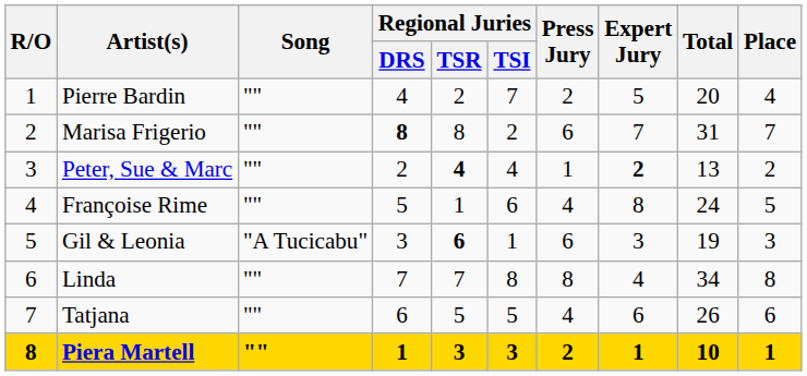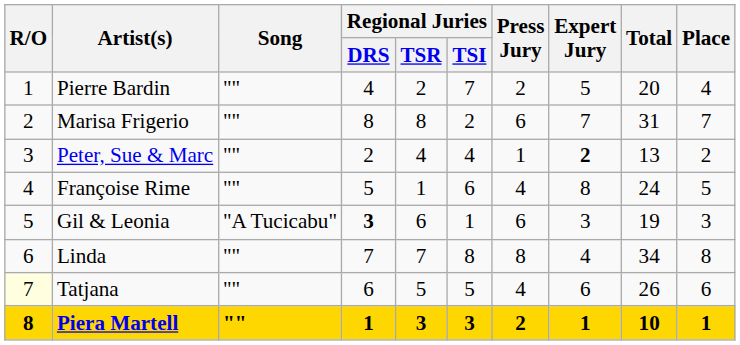 <table class="sortable wikitable" style="margin: 1em auto 1em auto; text-align:center">
 <tr>
 <th rowspan="2">R/O</th>
 <th rowspan="2">Artist(s)</th>
 <th rowspan="2">Song</th>
 <th colspan="3">Regional Juries</th>
 <th rowspan="2">Press<br>Jury</th>
 <th rowspan="2">Expert<br>Jury</th>
 <th rowspan="2">Total</th>
 <th rowspan="2">Place</th>
 </tr>
 <tr>
 <th><a href='#'>DRS</a></th>
 <th><a href='#'>TSR</a></th>
 <th><a href='#'>TSI</a></th>
 </tr>
 <tr>
 <td>1</td>
 <td align="left">Pierre Bardin</td>
 <td align="left">""</td>
 <td>4</td>
 <td>2</td>
 <td>7</td>
 <td>2</td>
 <td>5</td>
 <td>20</td>
 <td>4</td>
 </tr>
 <tr>
 <td>2</td>
 <td align="left">Marisa Frigerio</td>
 <td align="left">""</td>
-<td><strong>8</strong></td>
+<td>8</td>
 <td>8</td>
 <td>2</td>
 <td>6</td>
 <td>7</td>
 <td>31</td>
 <td>7</td>
 </tr>
 <tr>
 <td>3</td>
 <td align="left"><a href='#'>Peter, Sue & Marc</a></td>
 <td align="left">""</td>
 <td>2</td>
-<td><strong>4</strong></td>
+<td>4</td>
 <td>4</td>
 <td>1</td>
 <td><strong>2</strong></td>
 <td>13</td>
 <td>2</td>
 </tr>
 <tr>
 <td>4</td>
 <td align="left">Françoise Rime</td>
 <td align="left">""</td>
 <td>5</td>
 <td>1</td>
 <td>6</td>
 <td>4</td>
 <td>8</td>
 <td>24</td>
 <td>5</td>
 </tr>
 <tr>
 <td>5</td>
 <td align="left">Gil & Leonia</td>
 <td align="left">"A Tucicabu"</td>
-<td>3</td>
-<td><strong>6</strong></td>
+<td><strong>3</strong></td>
+<td>6</td>
 <td>1</td>
 <td>6</td>
 <td>3</td>
 <td>19</td>
 <td>3</td>
 </tr>
 <tr>
 <td>6</td>
 <td align="left">Linda</td>
 <td align="left">""</td>
 <td>7</td>
 <td>7</td>
 <td>8</td>
 <td>8</td>
 <td>4</td>
 <td>34</td>
 <td>8</td>
 </tr>
 <tr>
-<td>7</td>
+<td style="background: lightyellow;">7</td>
 <td align="left">Tatjana</td>
 <td align="left">""</td>
 <td>6</td>
 <td>5</td>
 <td>5</td>
 <td>4</td>
 <td>6</td>
 <td>26</td>
 <td>6</td>
 </tr>
 <tr style="font-weight:bold; background:gold;">
 <td>8</td>
 <td align="left"><a href='#'>Piera Martell</a></td>
 <td align="left">""</td>
 <td>1</td>
 <td>3</td>
 <td>3</td>
 <td>2</td>
 <td>1</td>
 <td>10</td>
 <td>1</td>
 </tr>
 </table>
